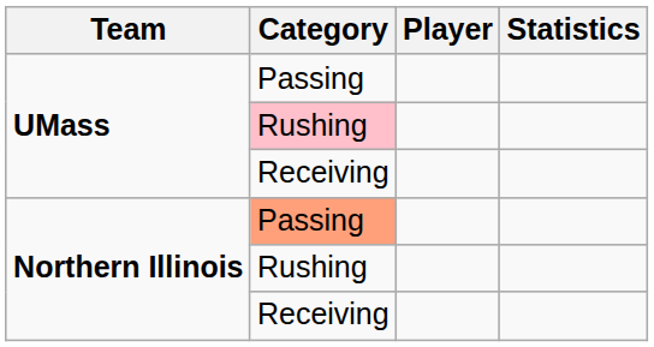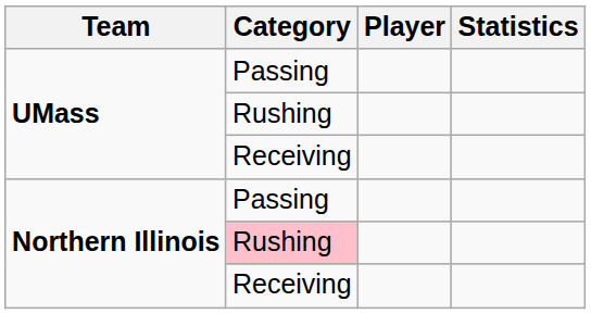 <table class="wikitable" style="float: right;">
 <tr>
 <th>Team</th>
 <th>Category</th>
 <th>Player</th>
 <th>Statistics</th>
 </tr>
 <tr>
 <td rowspan=3><strong>UMass</strong></td>
 <td>Passing</td>
 <td></td>
 <td></td>
 </tr>
 <tr>
-<td style="background: pink;">Rushing</td>
+<td>Rushing</td>
 <td></td>
 <td></td>
 </tr>
 <tr>
 <td>Receiving</td>
 <td></td>
 <td></td>
 </tr>
 <tr>
 <td rowspan=3><strong>Northern Illinois</strong></td>
-<td style="background: lightsalmon;">Passing</td>
+<td>Passing</td>
 <td></td>
 <td></td>
 </tr>
 <tr>
-<td>Rushing</td>
+<td style="background: pink;">Rushing</td>
 <td></td>
 <td></td>
 </tr>
 <tr>
 <td>Receiving</td>
 <td></td>
 <td></td>
 </tr>
 </table>
